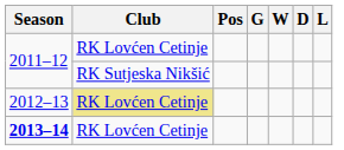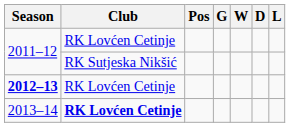 <table class="wikitable" style="font-size:90%">
 <tr>
 <th>Season</th>
 <th>Club</th>
 <th>Pos</th>
 <th>G</th>
 <th>W</th>
 <th>D</th>
 <th>L</th>
 </tr>
 <tr>
 <td rowspan="2"><a href='#'>2011–12</a></td>
 <td><a href='#'>RK Lovćen Cetinje</a></td>
 <td></td>
 <td></td>
 <td></td>
 <td></td>
 <td></td>
 </tr>
 <tr>
 <td><a href='#'>RK Sutjeska Nikšić</a></td>
 <td></td>
 <td></td>
 <td></td>
 <td></td>
 <td></td>
 </tr>
 <tr>
-<td><a href='#'>2012–13</a></td>
-<td style="background: khaki;"><a href='#'>RK Lovćen Cetinje</a></td>
+<td><strong><a href='#'>2012–13</a></strong></td>
+<td><a href='#'>RK Lovćen Cetinje</a></td>
 <td></td>
 <td></td>
 <td></td>
 <td></td>
 <td></td>
 </tr>
 <tr>
-<td><strong><a href='#'>2013–14</a></strong></td>
-<td><a href='#'>RK Lovćen Cetinje</a></td>
+<td><a href='#'>2013–14</a></td>
+<td><strong><a href='#'>RK Lovćen Cetinje</a></strong></td>
 <td></td>
 <td></td>
 <td></td>
 <td></td>
 <td></td>
 </tr>
 </table>
